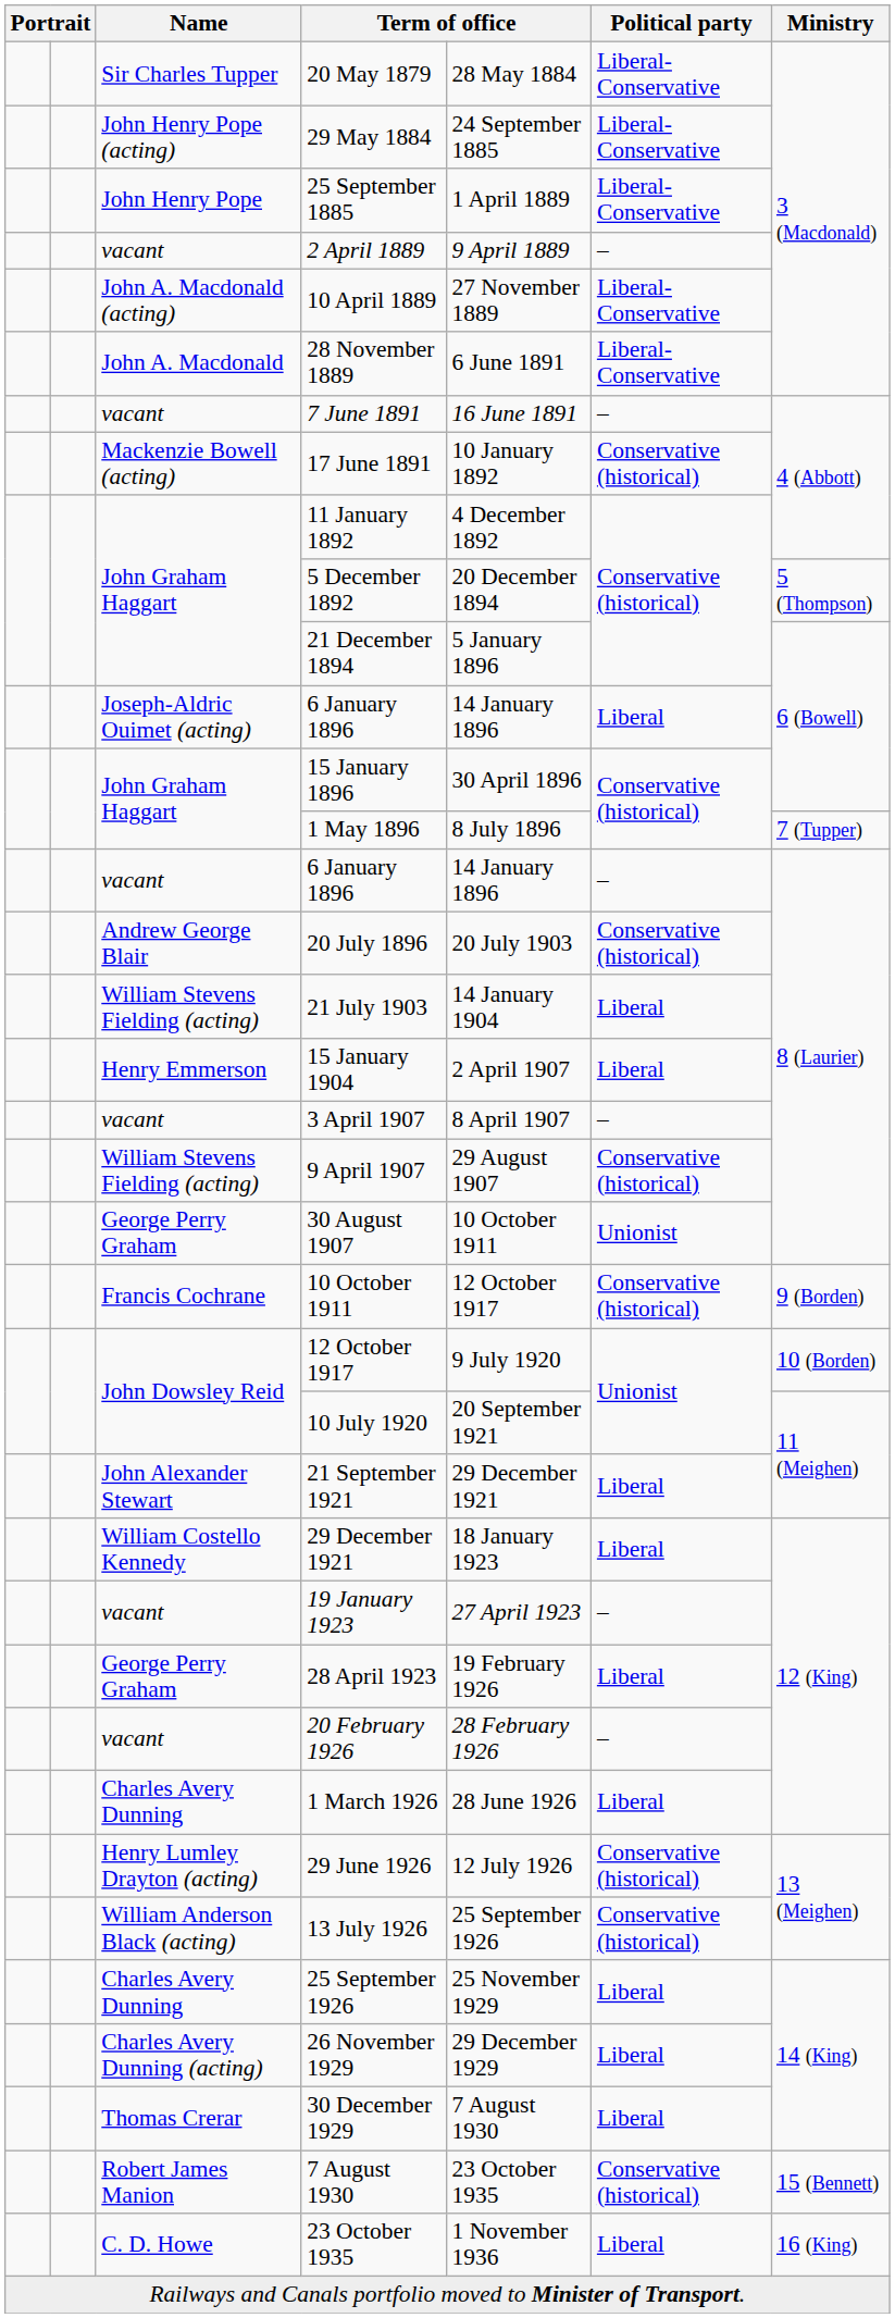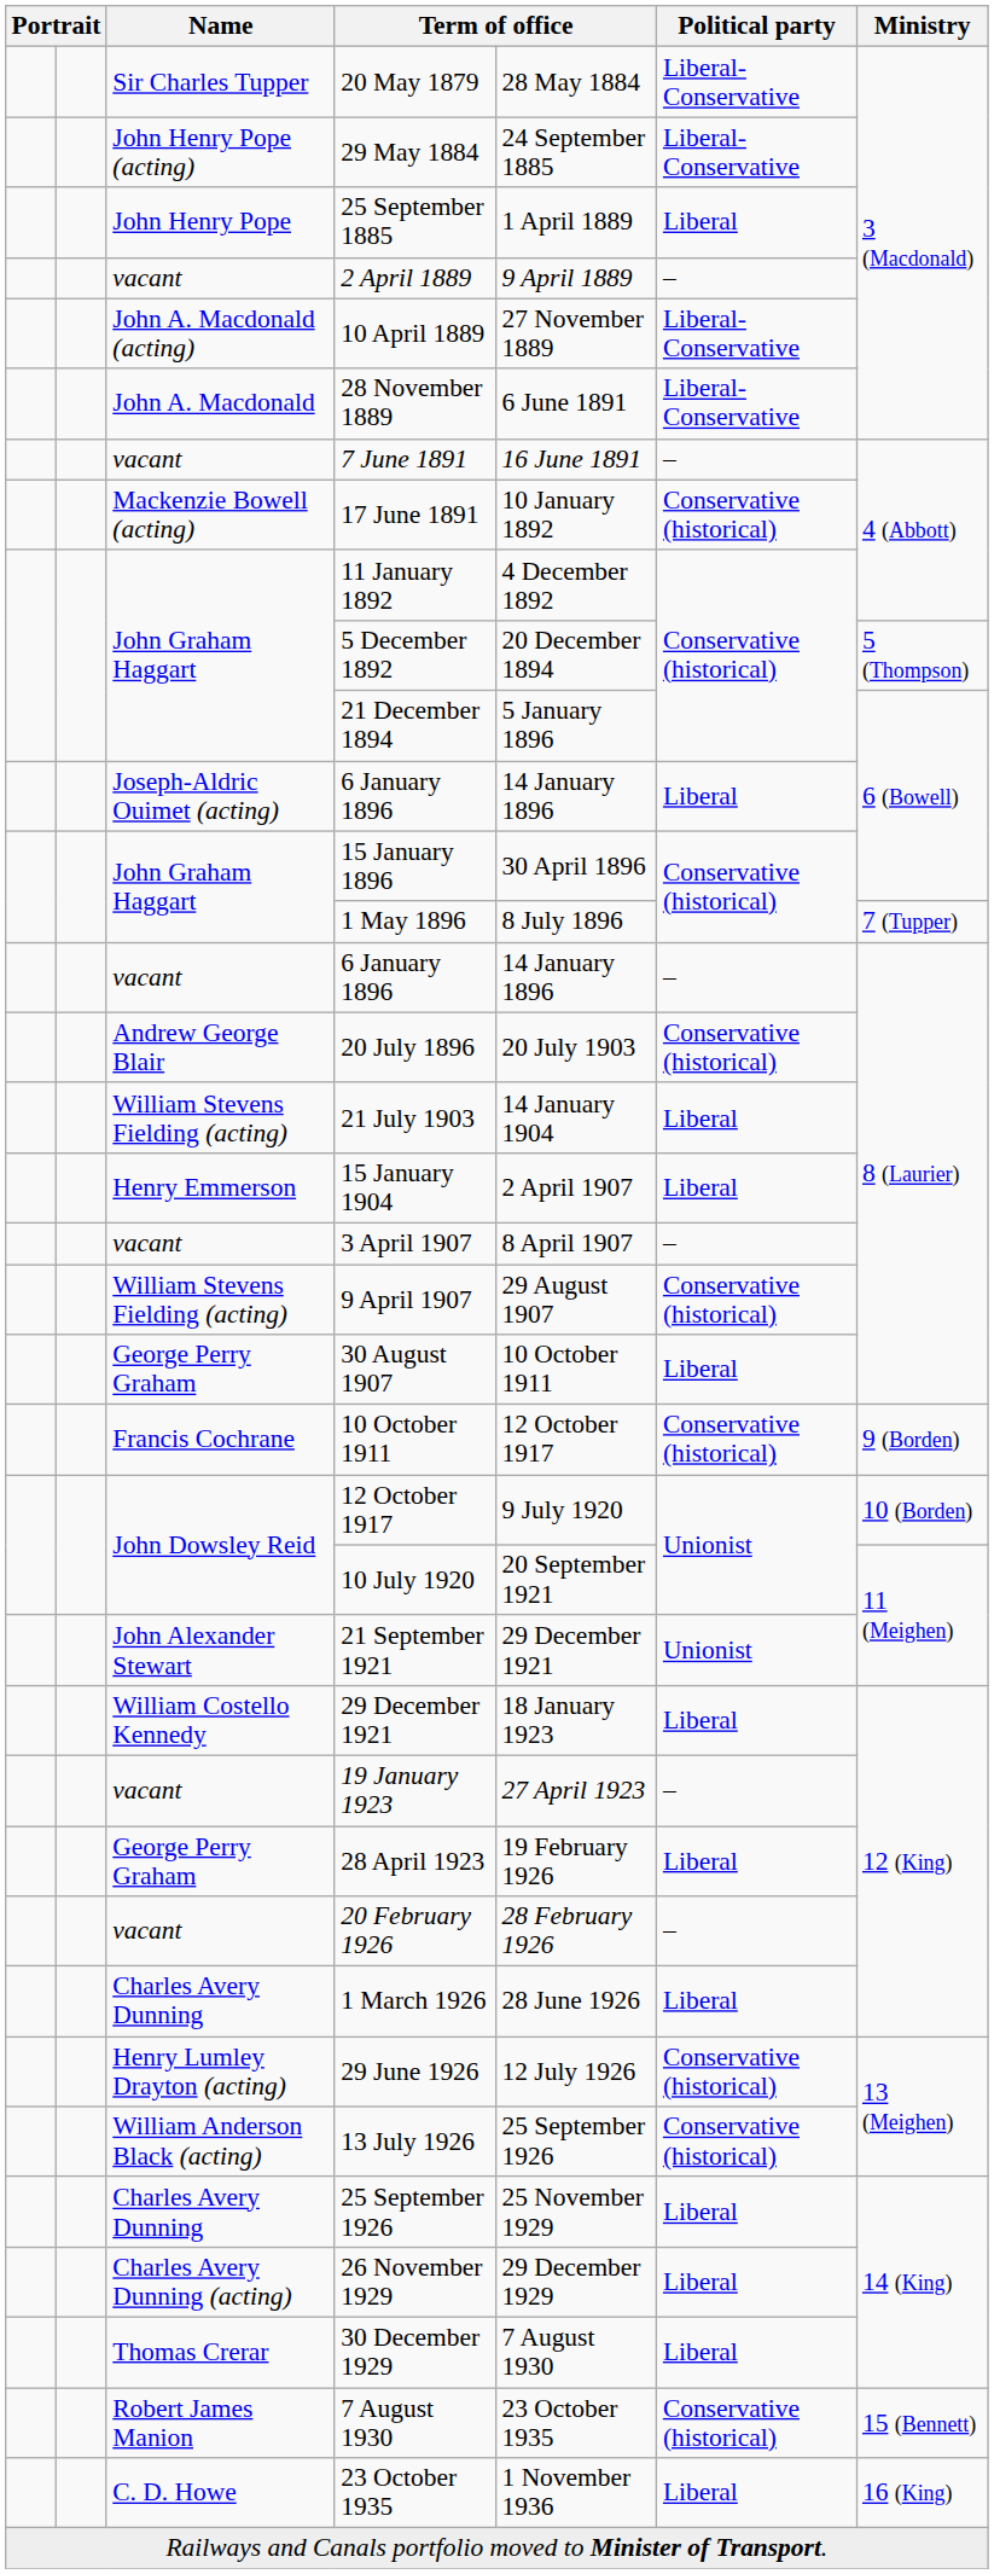 <table class="wikitable">
 <tr>
 <th colspan=2>Portrait</th>
 <th>Name</th>
 <th colspan=2>Term of office</th>
 <th>Political party</th>
 <th>Ministry</th>
 </tr>
 <tr>
 <td style="background:"></td>
 <td align=center></td>
 <td><a href='#'>Sir Charles Tupper</a></td>
 <td>20 May 1879</td>
 <td>28 May 1884</td>
 <td><a href='#'>Liberal-Conservative</a></td>
 <td rowspan=6><a href='#'>3</a> <small>(<a href='#'>Macdonald</a>)</small></td>
 </tr>
 <tr>
 <td style="background:"></td>
 <td align=center></td>
 <td><a href='#'>John Henry Pope</a> <em>(acting)</em></td>
 <td>29 May 1884</td>
 <td>24 September 1885</td>
 <td><a href='#'>Liberal-Conservative</a></td>
 </tr>
 <tr>
 <td style="background:"></td>
 <td align=center></td>
 <td><a href='#'>John Henry Pope</a></td>
 <td>25 September 1885</td>
 <td>1 April 1889</td>
-<td><a href='#'>Liberal-Conservative</a></td>
+<td><a href='#'>Liberal</a></td>
 </tr>
 <tr>
 <td></td>
 <td></td>
 <td><em>vacant</em></td>
 <td><em>2 April 1889</em></td>
 <td><em>9 April 1889</em></td>
 <td>–</td>
 </tr>
 <tr>
 <td style="background:"></td>
 <td align=center></td>
 <td><a href='#'>John A. Macdonald</a> <em>(acting)</em></td>
 <td>10 April 1889</td>
 <td>27 November 1889</td>
 <td><a href='#'>Liberal-Conservative</a></td>
 </tr>
 <tr>
 <td style="background:"></td>
 <td align=center></td>
 <td><a href='#'>John A. Macdonald</a></td>
 <td>28 November 1889</td>
 <td>6 June 1891</td>
 <td><a href='#'>Liberal-Conservative</a></td>
 </tr>
 <tr>
 <td></td>
 <td></td>
 <td><em>vacant</em></td>
 <td><em>7 June 1891</em></td>
 <td><em>16 June 1891</em></td>
 <td>–</td>
 <td rowspan=3><a href='#'>4</a> <small>(<a href='#'>Abbott</a>)</small></td>
 </tr>
 <tr>
 <td style="background:"></td>
 <td align=center></td>
 <td><a href='#'>Mackenzie Bowell</a> <em>(acting)</em></td>
 <td>17 June 1891</td>
 <td>10 January 1892</td>
 <td><a href='#'>Conservative (historical)</a></td>
 </tr>
 <tr>
 <td rowspan=3 style="background:"></td>
 <td rowspan=3 align=center></td>
 <td rowspan=3><a href='#'>John Graham Haggart</a></td>
 <td>11 January 1892</td>
 <td>4 December 1892</td>
 <td rowspan=3><a href='#'>Conservative (historical)</a></td>
 </tr>
 <tr>
 <td>5 December 1892</td>
 <td>20 December 1894</td>
 <td><a href='#'>5</a> <small>(<a href='#'>Thompson</a>)</small></td>
 </tr>
 <tr>
 <td>21 December 1894</td>
 <td>5 January 1896</td>
 <td rowspan=3><a href='#'>6</a> <small>(<a href='#'>Bowell</a>)</small></td>
 </tr>
 <tr>
 <td style="background:"></td>
 <td align=center></td>
 <td><a href='#'>Joseph-Aldric Ouimet</a> <em>(acting)</em></td>
 <td>6 January 1896</td>
 <td>14 January 1896</td>
 <td><a href='#'>Liberal</a></td>
 </tr>
 <tr>
 <td rowspan=2 style="background:"></td>
 <td rowspan=2 align=center></td>
 <td rowspan=2><a href='#'>John Graham Haggart</a></td>
 <td>15 January 1896</td>
 <td>30 April 1896</td>
 <td rowspan=2><a href='#'>Conservative (historical)</a></td>
 </tr>
 <tr>
 <td>1 May 1896</td>
 <td>8 July 1896</td>
 <td><a href='#'>7</a> <small>(<a href='#'>Tupper</a>)</small></td>
 </tr>
 <tr>
 <td></td>
 <td></td>
 <td><em>vacant</em></td>
 <td>6 January 1896</td>
 <td>14 January 1896</td>
 <td>–</td>
 <td rowspan=7><a href='#'>8</a> <small>(<a href='#'>Laurier</a>)</small></td>
 </tr>
 <tr>
 <td style="background:"></td>
 <td align=center></td>
 <td><a href='#'>Andrew George Blair</a></td>
 <td>20 July 1896</td>
 <td>20 July 1903</td>
 <td><a href='#'>Conservative (historical)</a></td>
 </tr>
 <tr>
 <td style="background:"></td>
 <td align=center></td>
 <td><a href='#'>William Stevens Fielding</a> <em>(acting)</em></td>
 <td>21 July 1903</td>
 <td>14 January 1904</td>
 <td><a href='#'>Liberal</a></td>
 </tr>
 <tr>
 <td style="background:"></td>
 <td align=center></td>
 <td><a href='#'>Henry Emmerson</a></td>
 <td>15 January 1904</td>
 <td>2 April 1907</td>
 <td><a href='#'>Liberal</a></td>
 </tr>
 <tr>
 <td></td>
 <td></td>
 <td><em>vacant</em></td>
 <td>3 April 1907</td>
 <td>8 April 1907</td>
 <td>–</td>
 </tr>
 <tr>
 <td style="background:"></td>
 <td align=center></td>
 <td><a href='#'>William Stevens Fielding</a> <em>(acting)</em></td>
 <td>9 April 1907</td>
 <td>29 August 1907</td>
 <td><a href='#'>Conservative (historical)</a></td>
 </tr>
 <tr>
 <td style="background:"></td>
 <td align=center></td>
 <td><a href='#'>George Perry Graham</a></td>
 <td>30 August 1907</td>
 <td>10 October 1911</td>
-<td><a href='#'>Unionist</a></td>
+<td><a href='#'>Liberal</a></td>
 </tr>
 <tr>
 <td style="background:"></td>
 <td align=center></td>
 <td><a href='#'>Francis Cochrane</a></td>
 <td>10 October 1911</td>
 <td>12 October 1917</td>
 <td><a href='#'>Conservative (historical)</a></td>
 <td><a href='#'>9</a> <small>(<a href='#'>Borden</a>)</small></td>
 </tr>
 <tr>
 <td rowspan=2 style="background:"></td>
 <td rowspan=2 align=center></td>
 <td rowspan=2><a href='#'>John Dowsley Reid</a></td>
 <td>12 October 1917</td>
 <td>9 July 1920</td>
 <td rowspan=2><a href='#'>Unionist</a></td>
 <td><a href='#'>10</a> <small>(<a href='#'>Borden</a>)</small></td>
 </tr>
 <tr>
 <td>10 July 1920</td>
 <td>20 September 1921</td>
 <td rowspan=2><a href='#'>11</a> <small>(<a href='#'>Meighen</a>)</small></td>
 </tr>
 <tr>
 <td style="background:"></td>
 <td align=center></td>
 <td><a href='#'>John Alexander Stewart</a></td>
 <td>21 September 1921</td>
 <td>29 December 1921</td>
-<td><a href='#'>Liberal</a></td>
+<td><a href='#'>Unionist</a></td>
 </tr>
 <tr>
 <td style="background:"></td>
 <td align=center></td>
 <td><a href='#'>William Costello Kennedy</a></td>
 <td>29 December 1921</td>
 <td>18 January 1923</td>
 <td><a href='#'>Liberal</a></td>
 <td rowspan=5><a href='#'>12</a> <small>(<a href='#'>King</a>)</small></td>
 </tr>
 <tr>
 <td></td>
 <td></td>
 <td><em>vacant</em></td>
 <td><em>19 January 1923</em></td>
 <td><em>27 April 1923</em></td>
 <td>–</td>
 </tr>
 <tr>
 <td style="background:"></td>
 <td align=center></td>
 <td><a href='#'>George Perry Graham</a></td>
 <td>28 April 1923</td>
 <td>19 February 1926</td>
 <td><a href='#'>Liberal</a></td>
 </tr>
 <tr>
 <td></td>
 <td></td>
 <td><em>vacant</em></td>
 <td><em>20 February 1926</em></td>
 <td><em>28 February 1926</em></td>
 <td>–</td>
 </tr>
 <tr>
 <td style="background:"></td>
 <td align=center></td>
 <td><a href='#'>Charles Avery Dunning</a></td>
 <td>1 March 1926</td>
 <td>28 June 1926</td>
 <td><a href='#'>Liberal</a></td>
 </tr>
 <tr>
 <td style="background:"></td>
 <td align=center></td>
 <td><a href='#'>Henry Lumley Drayton</a> <em>(acting)</em></td>
 <td>29 June 1926</td>
 <td>12 July 1926</td>
 <td><a href='#'>Conservative (historical)</a></td>
 <td rowspan=2><a href='#'>13</a> <small>(<a href='#'>Meighen</a>)</small></td>
 </tr>
 <tr>
 <td style="background:"></td>
 <td align=center></td>
 <td><a href='#'>William Anderson Black</a> <em>(acting)</em></td>
 <td>13 July 1926</td>
 <td>25 September 1926</td>
 <td><a href='#'>Conservative (historical)</a></td>
 </tr>
 <tr>
 <td style="background:"></td>
 <td align=center></td>
 <td><a href='#'>Charles Avery Dunning</a></td>
 <td>25 September 1926</td>
 <td>25 November 1929</td>
 <td><a href='#'>Liberal</a></td>
 <td rowspan=3><a href='#'>14</a> <small>(<a href='#'>King</a>)</small></td>
 </tr>
 <tr>
 <td style="background:"></td>
 <td align=center></td>
 <td><a href='#'>Charles Avery Dunning</a> <em>(acting)</em></td>
 <td>26 November 1929</td>
 <td>29 December 1929</td>
 <td><a href='#'>Liberal</a></td>
 </tr>
 <tr>
 <td style="background:"></td>
 <td align=center></td>
 <td><a href='#'>Thomas Crerar</a></td>
 <td>30 December 1929</td>
 <td>7 August 1930</td>
 <td><a href='#'>Liberal</a></td>
 </tr>
 <tr>
 <td style="background:"></td>
 <td align=center></td>
 <td><a href='#'>Robert James Manion</a></td>
 <td>7 August 1930</td>
 <td>23 October 1935</td>
 <td><a href='#'>Conservative (historical)</a></td>
 <td><a href='#'>15</a> <small>(<a href='#'>Bennett</a>)</small></td>
 </tr>
 <tr>
 <td style="background:"></td>
 <td align=center></td>
 <td><a href='#'>C. D. Howe</a></td>
 <td>23 October 1935</td>
 <td>1 November 1936</td>
 <td><a href='#'>Liberal</a></td>
 <td><a href='#'>16</a> <small>(<a href='#'>King</a>)</small></td>
 </tr>
 <tr>
 <td colspan=7 align=center style="background:#eeeeee"><em>Railways and Canals portfolio moved to <strong>Minister of Transport</strong>.</em></td>
 </tr>
 <tr>
 </tr>
 </table>
